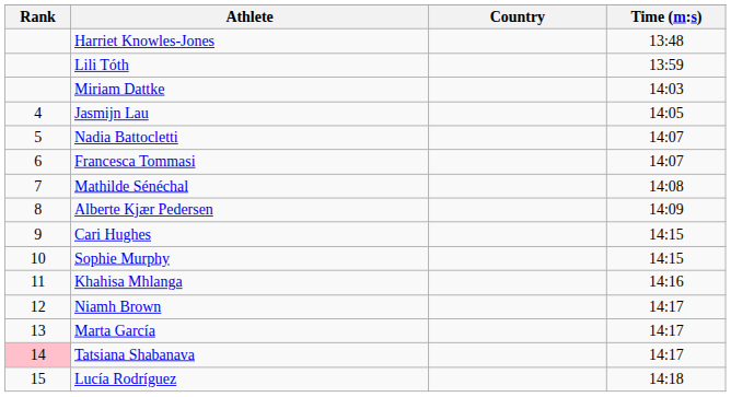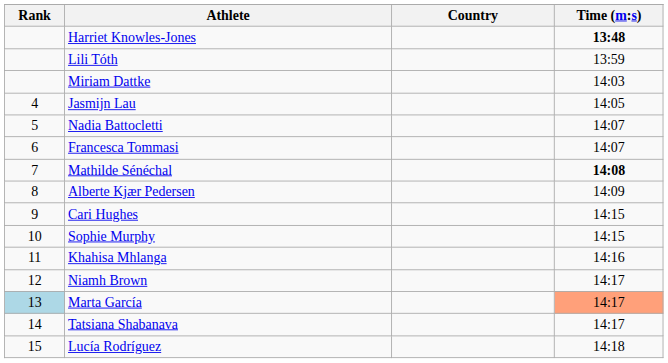 <table class="wikitable" style="text-align:center;" width="60%">
 <tr>
 </tr>
 <tr>
 <th width=5%>Rank</th>
 <th width=30%>Athlete</th>
 <th width=15%>Country</th>
 <th width=10%>Time (<a href='#'>m</a>:<a href='#'>s</a>)</th>
 </tr>
 <tr>
 <td></td>
 <td align=left><a href='#'>Harriet Knowles-Jones</a></td>
 <td align=left></td>
-<td>13:48</td>
+<td><strong>13:48</strong></td>
 </tr>
 <tr>
 <td></td>
 <td align=left><a href='#'>Lili Tóth</a></td>
 <td align=left></td>
 <td>13:59</td>
 </tr>
 <tr>
 <td></td>
 <td align=left><a href='#'>Miriam Dattke</a></td>
 <td align=left></td>
 <td>14:03</td>
 </tr>
 <tr>
 <td>4</td>
 <td align=left><a href='#'>Jasmijn Lau</a></td>
 <td align=left></td>
 <td>14:05</td>
 </tr>
 <tr>
 <td>5</td>
 <td align=left><a href='#'>Nadia Battocletti</a></td>
 <td align=left></td>
 <td>14:07</td>
 </tr>
 <tr>
 <td>6</td>
 <td align=left><a href='#'>Francesca Tommasi</a></td>
 <td align=left></td>
 <td>14:07</td>
 </tr>
 <tr>
 <td>7</td>
 <td align=left><a href='#'>Mathilde Sénéchal</a></td>
 <td align=left></td>
-<td>14:08</td>
+<td><strong>14:08</strong></td>
 </tr>
 <tr>
 <td>8</td>
 <td align=left><a href='#'>Alberte Kjær Pedersen</a></td>
 <td align=left></td>
 <td>14:09</td>
 </tr>
 <tr>
 <td>9</td>
 <td align=left><a href='#'>Cari Hughes</a></td>
 <td align=left></td>
 <td>14:15</td>
 </tr>
 <tr>
 <td>10</td>
 <td align=left><a href='#'>Sophie Murphy</a></td>
 <td align=left></td>
 <td>14:15</td>
 </tr>
 <tr>
 <td>11</td>
 <td align=left><a href='#'>Khahisa Mhlanga</a></td>
 <td align=left></td>
 <td>14:16</td>
 </tr>
 <tr>
 <td>12</td>
 <td align=left><a href='#'>Niamh Brown</a></td>
 <td align=left></td>
 <td>14:17</td>
 </tr>
 <tr>
-<td>13</td>
+<td style="background: lightblue;">13</td>
 <td align=left><a href='#'>Marta García</a></td>
 <td align=left></td>
-<td>14:17</td>
+<td style="background: lightsalmon;">14:17</td>
 </tr>
 <tr>
-<td style="background: pink;">14</td>
+<td>14</td>
 <td align=left><a href='#'>Tatsiana Shabanava</a></td>
 <td align=left></td>
 <td>14:17</td>
 </tr>
 <tr>
 <td>15</td>
 <td align=left><a href='#'>Lucía Rodríguez</a></td>
 <td align=left></td>
 <td>14:18</td>
 </tr>
 </table>
